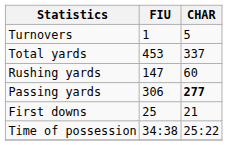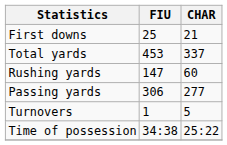 <table class="wikitable" style="float: right;">
 <tr>
 <th>Statistics</th>
 <th>FIU</th>
 <th>CHAR</th>
 </tr>
 <tr>
-<td>Turnovers</td>
-<td>1</td>
-<td>5</td>
+<td>First downs</td>
+<td>25</td>
+<td>21</td>
 </tr>
 <tr>
 <td>Total yards</td>
 <td>453</td>
 <td>337</td>
 </tr>
 <tr>
 <td>Rushing yards</td>
 <td>147</td>
 <td>60</td>
 </tr>
 <tr>
 <td>Passing yards</td>
 <td>306</td>
-<td><strong>277</strong></td>
+<td>277</td>
 </tr>
 <tr>
-<td>First downs</td>
-<td>25</td>
-<td>21</td>
+<td>Turnovers</td>
+<td>1</td>
+<td>5</td>
 </tr>
 <tr>
 <td>Time of possession</td>
 <td>34:38</td>
 <td>25:22</td>
 </tr>
 <tr>
 </tr>
 </table>
